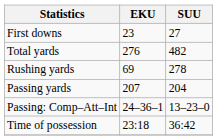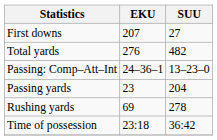 <table class="wikitable" style="float: left;">
 <tr>
 <th>Statistics</th>
 <th>EKU</th>
 <th>SUU</th>
 </tr>
 <tr>
 <td>First downs</td>
-<td>23</td>
+<td>207</td>
 <td>27</td>
 </tr>
 <tr>
 <td>Total yards</td>
 <td>276</td>
 <td>482</td>
 </tr>
 <tr>
+<td>Passing: Comp–Att–Int</td>
+<td>24–36–1</td>
+<td>13–23–0</td>
+</tr>
+<tr>
+<td>Passing yards</td>
+<td>23</td>
+<td>204</td>
+</tr>
+<tr>
 <td>Rushing yards</td>
 <td>69</td>
 <td>278</td>
-</tr>
-<tr>
-<td>Passing yards</td>
-<td>207</td>
-<td>204</td>
-</tr>
-<tr>
-<td>Passing: Comp–Att–Int</td>
-<td>24–36–1</td>
-<td>13–23–0</td>
 </tr>
 <tr>
 <td>Time of possession</td>
 <td>23:18</td>
 <td>36:42</td>
 </tr>
 <tr>
 </tr>
 </table>
